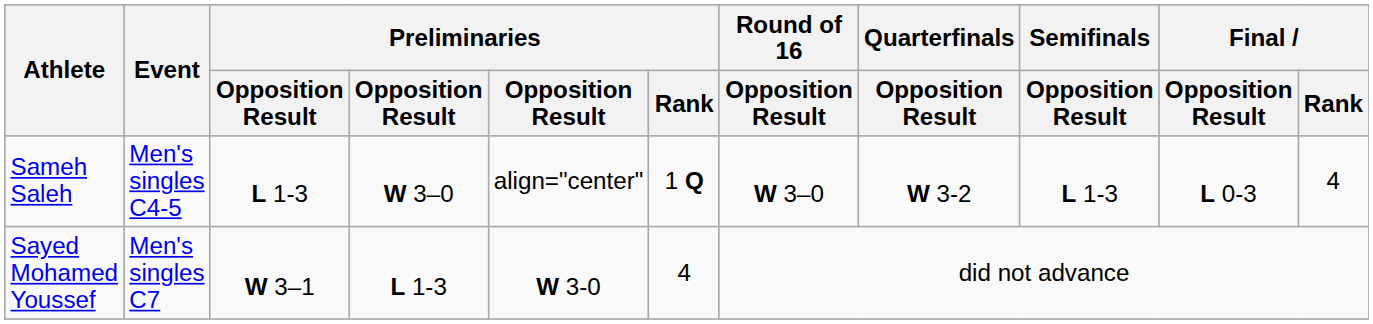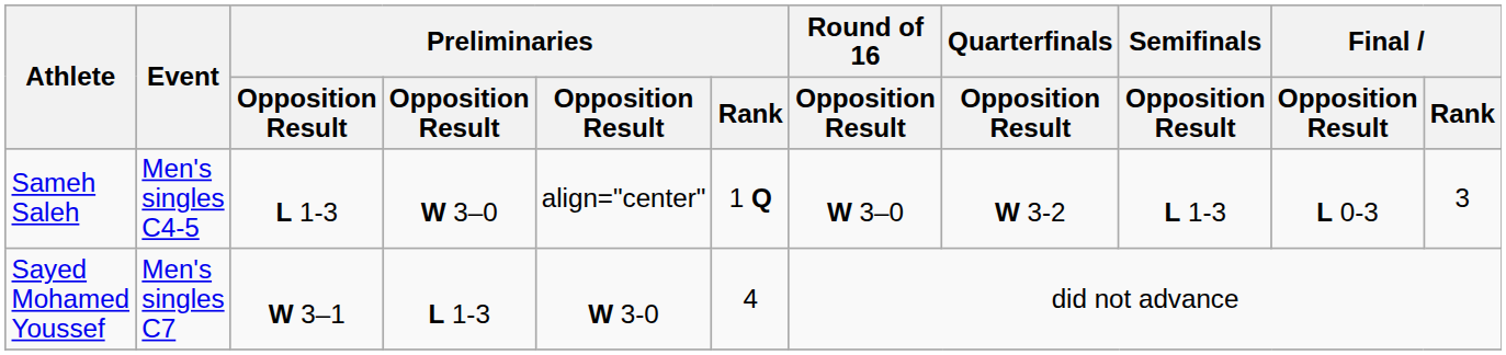 <table class=wikitable style="font-size:90%">
 <tr>
 <th rowspan="2">Athlete</th>
 <th rowspan="2">Event</th>
 <th colspan="4">Preliminaries</th>
 <th>Round of 16</th>
 <th>Quarterfinals</th>
 <th>Semifinals</th>
 <th colspan="2">Final / </th>
 </tr>
 <tr>
 <th>Opposition<br>Result</th>
 <th>Opposition<br>Result</th>
 <th>Opposition<br>Result</th>
 <th>Rank</th>
 <th>Opposition<br>Result</th>
 <th>Opposition<br>Result</th>
 <th>Opposition<br>Result</th>
 <th>Opposition<br>Result</th>
 <th>Rank</th>
 </tr>
 <tr>
 <td><a href='#'>Sameh Saleh</a></td>
 <td><a href='#'>Men's singles C4-5</a></td>
 <td align="center"><br><strong>L</strong> 1-3</td>
 <td align="center"><br><strong>W</strong> 3–0</td>
 <td>align="center" </td>
 <td align="center">1 <strong>Q</strong></td>
 <td align="center"><br><strong>W</strong> 3–0</td>
 <td align="center"><br><strong>W</strong> 3-2</td>
 <td align="center"><br><strong>L</strong> 1-3</td>
 <td align="center"><br><strong>L</strong> 0-3</td>
-<td align="center">4</td>
+<td align="center">3</td>
 </tr>
 <tr>
 <td><a href='#'>Sayed Mohamed Youssef</a></td>
 <td><a href='#'>Men's singles C7</a></td>
 <td align="center"><br><strong>W</strong> 3–1</td>
 <td align="center"><br><strong>L</strong> 1-3</td>
 <td align="center"><br><strong>W</strong> 3-0</td>
 <td align="center">4</td>
 <td align="center" colspan="5">did not advance</td>
 </tr>
 </table>
